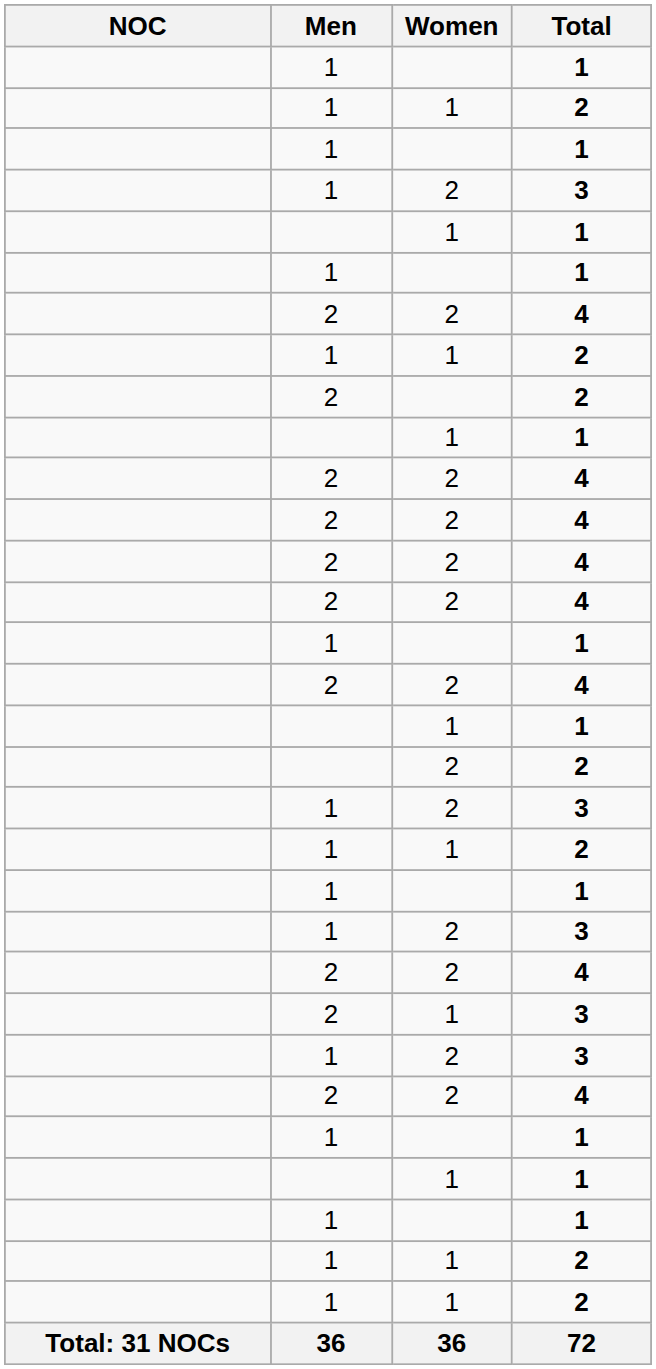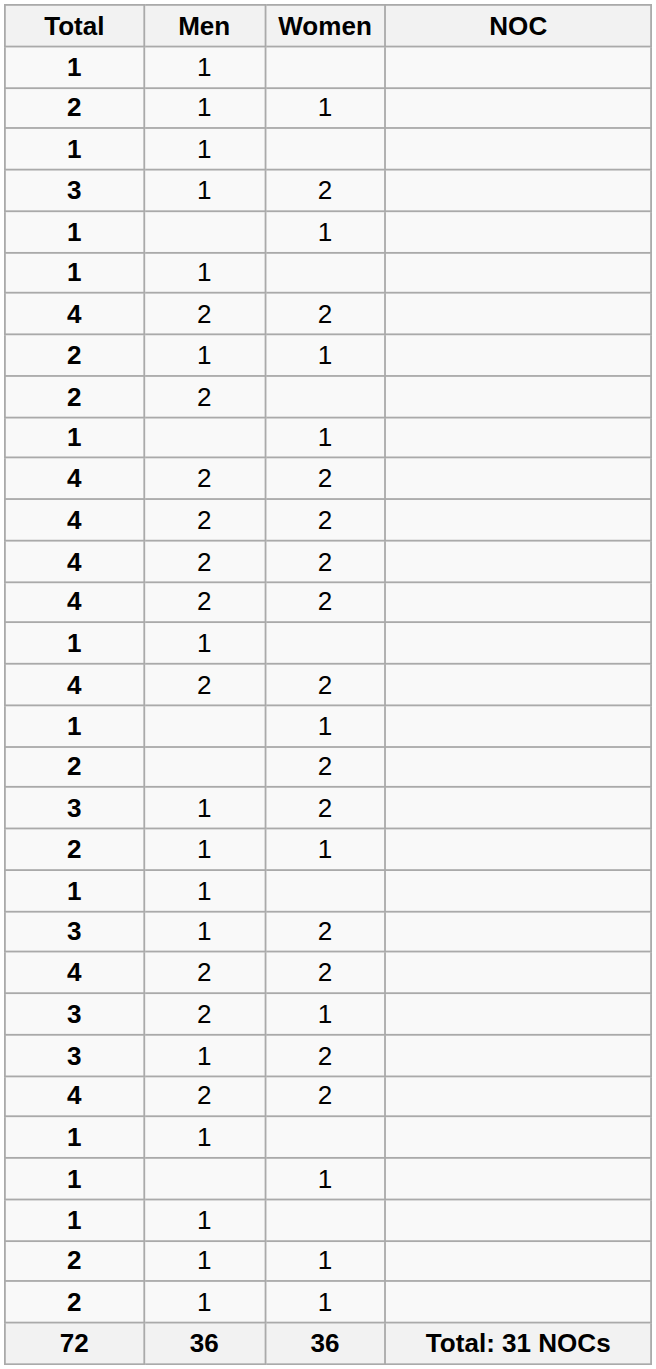 <table class="wikitable sortable" style="text-align:center; font-size:90%">
 <tr>
-<th width=140 align="left">NOC</th>
+<th width=70>Total</th>
 <th width=60>Men</th>
 <th width=60>Women</th>
-<th width=70>Total</th>
+<th width=140 align="left">NOC</th>
 </tr>
 <tr>
-<td align=left></td>
+<td><strong>1</strong></td>
 <td>1</td>
 <td></td>
-<td><strong>1</strong></td>
+<td align=left></td>
 </tr>
 <tr>
-<td align=left></td>
+<td><strong>2</strong></td>
 <td>1</td>
 <td>1</td>
-<td><strong>2</strong></td>
+<td align=left></td>
 </tr>
 <tr>
-<td align=left></td>
+<td><strong>1</strong></td>
 <td>1</td>
 <td></td>
-<td><strong>1</strong></td>
+<td align=left></td>
 </tr>
 <tr>
-<td align=left></td>
+<td><strong>3</strong></td>
 <td>1</td>
 <td>2</td>
-<td><strong>3</strong></td>
+<td align=left></td>
 </tr>
 <tr>
-<td align=left></td>
+<td><strong>1</strong></td>
 <td></td>
 <td>1</td>
-<td><strong>1</strong></td>
+<td align=left></td>
 </tr>
 <tr>
-<td align=left></td>
+<td><strong>1</strong></td>
 <td>1</td>
 <td></td>
-<td><strong>1</strong></td>
+<td align=left></td>
 </tr>
 <tr>
-<td align=left></td>
+<td><strong>4</strong></td>
 <td>2</td>
 <td>2</td>
-<td><strong>4</strong></td>
+<td align=left></td>
 </tr>
 <tr>
-<td align=left></td>
+<td><strong>2</strong></td>
 <td>1</td>
 <td>1</td>
-<td><strong>2</strong></td>
+<td align=left></td>
 </tr>
 <tr>
-<td align=left></td>
+<td><strong>2</strong></td>
 <td>2</td>
 <td></td>
-<td><strong>2</strong></td>
+<td align=left></td>
 </tr>
 <tr>
-<td align=left></td>
+<td><strong>1</strong></td>
 <td></td>
 <td>1</td>
-<td><strong>1</strong></td>
+<td align=left></td>
 </tr>
 <tr>
-<td align=left></td>
+<td><strong>4</strong></td>
 <td>2</td>
 <td>2</td>
-<td><strong>4</strong></td>
+<td align=left></td>
 </tr>
 <tr>
-<td align=left></td>
+<td><strong>4</strong></td>
 <td>2</td>
 <td>2</td>
-<td><strong>4</strong></td>
+<td align=left></td>
 </tr>
 <tr>
-<td align=left></td>
+<td><strong>4</strong></td>
 <td>2</td>
 <td>2</td>
-<td><strong>4</strong></td>
+<td align=left></td>
 </tr>
 <tr>
-<td align=left></td>
+<td><strong>4</strong></td>
 <td>2</td>
 <td>2</td>
-<td><strong>4</strong></td>
+<td align=left></td>
 </tr>
 <tr>
-<td align=left></td>
+<td><strong>1</strong></td>
 <td>1</td>
 <td></td>
-<td><strong>1</strong></td>
+<td align=left></td>
 </tr>
 <tr>
-<td align=left></td>
+<td><strong>4</strong></td>
 <td>2</td>
 <td>2</td>
-<td><strong>4</strong></td>
+<td align=left></td>
 </tr>
 <tr>
-<td align=left></td>
+<td><strong>1</strong></td>
 <td></td>
 <td>1</td>
-<td><strong>1</strong></td>
+<td align=left></td>
 </tr>
 <tr>
-<td align=left></td>
+<td><strong>2</strong></td>
 <td></td>
 <td>2</td>
-<td><strong>2</strong></td>
+<td align=left></td>
 </tr>
 <tr>
-<td align=left></td>
+<td><strong>3</strong></td>
 <td>1</td>
 <td>2</td>
-<td><strong>3</strong></td>
+<td align=left></td>
 </tr>
 <tr>
-<td align=left></td>
+<td><strong>2</strong></td>
 <td>1</td>
 <td>1</td>
-<td><strong>2</strong></td>
+<td align=left></td>
 </tr>
 <tr>
-<td align=left></td>
+<td><strong>1</strong></td>
 <td>1</td>
 <td></td>
-<td><strong>1</strong></td>
+<td align=left></td>
 </tr>
 <tr>
-<td align=left></td>
+<td><strong>3</strong></td>
 <td>1</td>
 <td>2</td>
-<td><strong>3</strong></td>
+<td align=left></td>
 </tr>
 <tr>
-<td align=left></td>
+<td><strong>4</strong></td>
 <td>2</td>
 <td>2</td>
-<td><strong>4</strong></td>
+<td align=left></td>
 </tr>
 <tr>
-<td align=left></td>
+<td><strong>3</strong></td>
 <td>2</td>
 <td>1</td>
-<td><strong>3</strong></td>
+<td align=left></td>
 </tr>
 <tr>
-<td align=left></td>
+<td><strong>3</strong></td>
 <td>1</td>
 <td>2</td>
-<td><strong>3</strong></td>
+<td align=left></td>
 </tr>
 <tr>
-<td align=left></td>
+<td><strong>4</strong></td>
 <td>2</td>
 <td>2</td>
-<td><strong>4</strong></td>
+<td align=left></td>
 </tr>
 <tr>
-<td align=left></td>
+<td><strong>1</strong></td>
 <td>1</td>
 <td></td>
-<td><strong>1</strong></td>
+<td align=left></td>
 </tr>
 <tr>
-<td align=left></td>
+<td><strong>1</strong></td>
 <td></td>
 <td>1</td>
-<td><strong>1</strong></td>
+<td align=left></td>
 </tr>
 <tr>
-<td align=left></td>
+<td><strong>1</strong></td>
 <td>1</td>
 <td></td>
-<td><strong>1</strong></td>
+<td align=left></td>
 </tr>
 <tr>
-<td align=left></td>
+<td><strong>2</strong></td>
 <td>1</td>
 <td>1</td>
-<td><strong>2</strong></td>
+<td align=left></td>
 </tr>
 <tr>
-<td align=left></td>
+<td><strong>2</strong></td>
 <td>1</td>
 <td>1</td>
-<td><strong>2</strong></td>
+<td align=left></td>
 </tr>
 <tr>
-<th>Total: 31 NOCs</th>
+<th>72</th>
 <th>36</th>
 <th>36</th>
-<th>72</th>
+<th>Total: 31 NOCs</th>
 </tr>
 </table>
